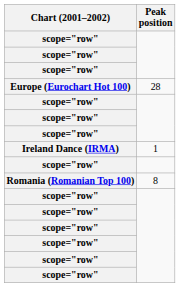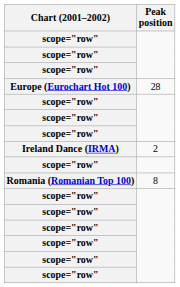 <table class="wikitable sortable plainrowheaders" style="text-align:center">
 <tr>
 <th>Chart (2001–2002)</th>
 <th>Peak<br>position</th>
 </tr>
 <tr>
 <th>scope="row"</th>
 </tr>
 <tr>
 <th>scope="row"</th>
 </tr>
 <tr>
 <th>scope="row"</th>
 </tr>
 <tr>
 <th scope="row">Europe (<a href='#'>Eurochart Hot 100</a>)</th>
 <td>28</td>
 </tr>
 <tr>
 <th>scope="row"</th>
 </tr>
 <tr>
 <th>scope="row"</th>
 </tr>
 <tr>
 <th>scope="row"</th>
 </tr>
 <tr>
 <th scope="row">Ireland Dance (<a href='#'>IRMA</a>)</th>
-<td>1</td>
+<td>2</td>
 </tr>
 <tr>
 <th>scope="row"</th>
 </tr>
 <tr>
 <th scope="row">Romania (<a href='#'>Romanian Top 100</a>)</th>
 <td>8</td>
 </tr>
 <tr>
 <th>scope="row"</th>
 </tr>
 <tr>
 <th>scope="row"</th>
 </tr>
 <tr>
 <th>scope="row"</th>
 </tr>
 <tr>
 <th>scope="row"</th>
 </tr>
 <tr>
 <th>scope="row"</th>
 </tr>
 <tr>
 <th>scope="row"</th>
 </tr>
 </table>
